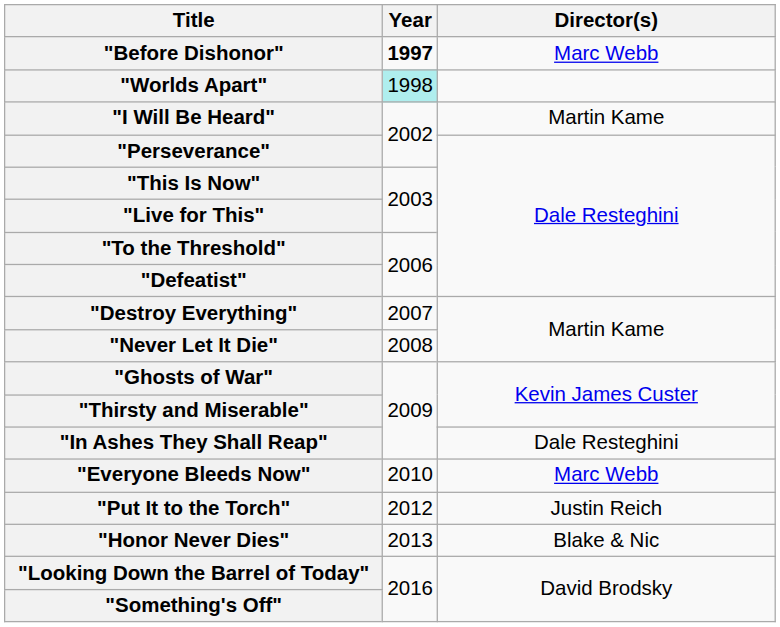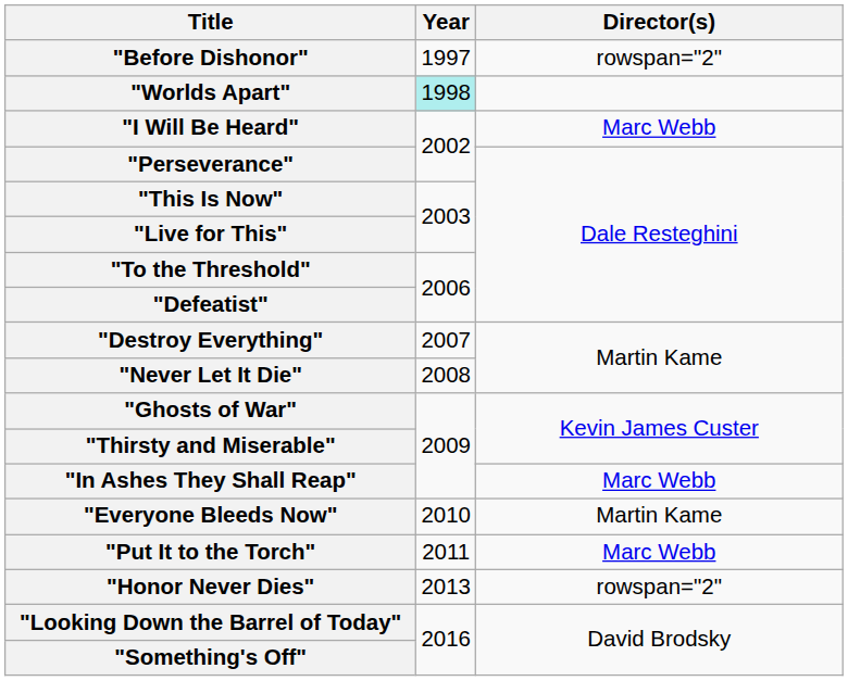 <table class="wikitable plainrowheaders" style="text-align:center;">
 <tr>
 <th scope="col" style="width:18em;">Title</th>
 <th scope="col">Year</th>
 <th scope="col" style="width:16em;">Director(s)</th>
 </tr>
 <tr>
 <th scope="row">"Before Dishonor"</th>
-<td><strong>1997</strong></td>
-<td><a href='#'>Marc Webb</a></td>
+<td>1997</td>
+<td>rowspan="2" </td>
 </tr>
 <tr>
 <th scope="row">"Worlds Apart"</th>
 <td style="background: paleturquoise;">1998</td>
 </tr>
 <tr>
 <th scope="row">"I Will Be Heard"</th>
 <td rowspan="2">2002</td>
-<td>Martin Kame</td>
+<td><a href='#'>Marc Webb</a></td>
 </tr>
 <tr>
 <th scope="row">"Perseverance"</th>
 <td rowspan="5"><a href='#'>Dale Resteghini</a></td>
 </tr>
 <tr>
 <th scope="row">"This Is Now"</th>
 <td rowspan="2">2003</td>
 </tr>
 <tr>
 <th scope="row">"Live for This"</th>
 </tr>
 <tr>
 <th scope="row">"To the Threshold"</th>
 <td rowspan="2">2006</td>
 </tr>
 <tr>
 <th scope="row">"Defeatist"</th>
 </tr>
 <tr>
 <th scope="row">"Destroy Everything"</th>
 <td>2007</td>
 <td rowspan="2">Martin Kame</td>
 </tr>
 <tr>
 <th scope="row">"Never Let It Die"</th>
 <td>2008</td>
 </tr>
 <tr>
 <th scope="row">"Ghosts of War"</th>
 <td rowspan="3">2009</td>
 <td rowspan="2"><a href='#'>Kevin James Custer</a></td>
 </tr>
 <tr>
 <th scope="row">"Thirsty and Miserable"</th>
 </tr>
 <tr>
 <th scope="row">"In Ashes They Shall Reap"</th>
-<td>Dale Resteghini</td>
+<td><a href='#'>Marc Webb</a></td>
 </tr>
 <tr>
 <th scope="row">"Everyone Bleeds Now"</th>
 <td>2010</td>
-<td><a href='#'>Marc Webb</a></td>
+<td>Martin Kame</td>
 </tr>
 <tr>
 <th scope="row">"Put It to the Torch"</th>
-<td>2012</td>
-<td>Justin Reich</td>
+<td>2011</td>
+<td><a href='#'>Marc Webb</a></td>
 </tr>
 <tr>
 <th scope="row">"Honor Never Dies"</th>
 <td>2013</td>
-<td>Blake & Nic</td>
+<td>rowspan="2" </td>
 </tr>
 <tr>
 <th scope="row">"Looking Down the Barrel of Today"</th>
 <td rowspan="2">2016</td>
 <td rowspan="2">David Brodsky</td>
 </tr>
 <tr>
 <th scope="row">"Something's Off"</th>
 </tr>
 </table>
